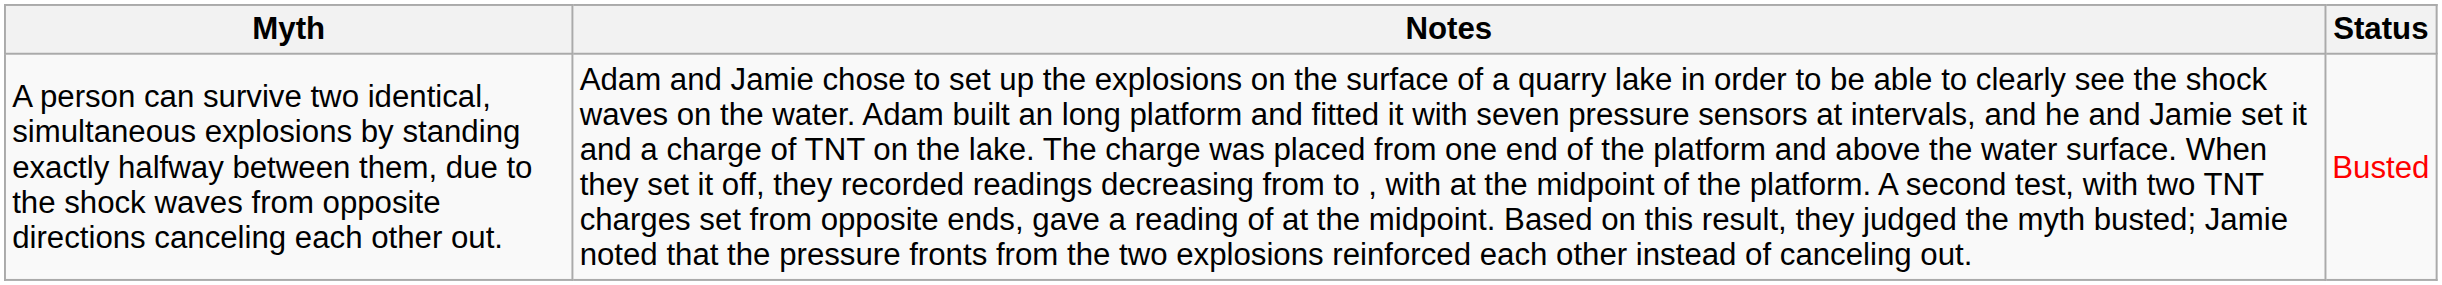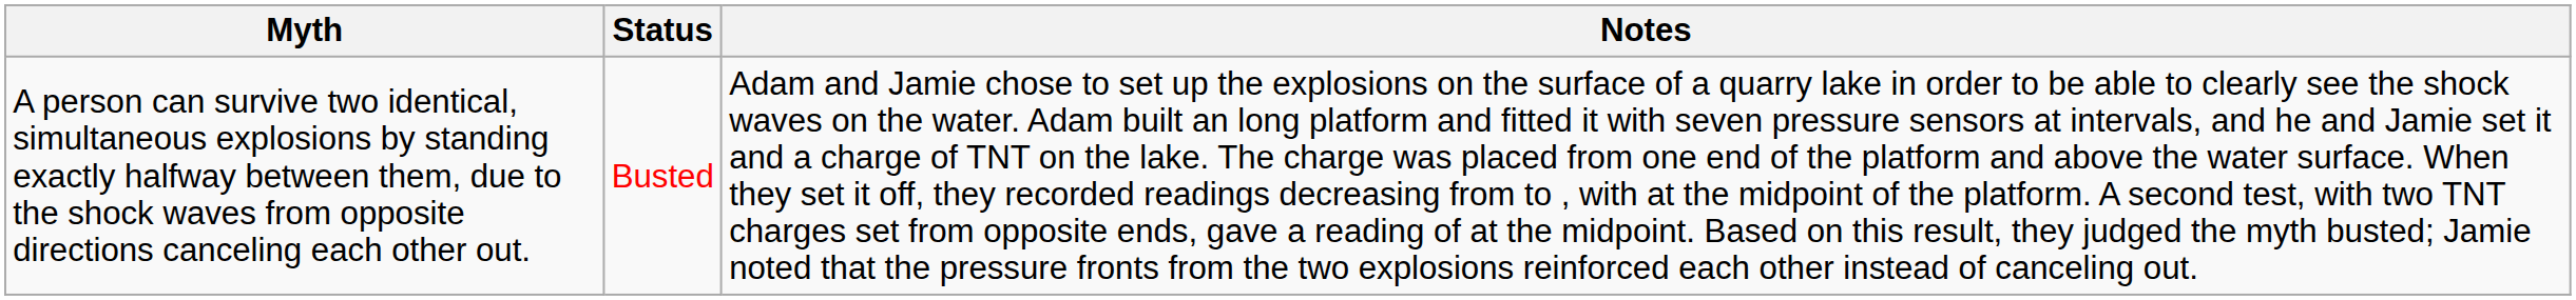 <table class="wikitable plainrowheaders">
 <tr>
 <th scope"col">Myth</th>
+<th scope"col">Status</th>
 <th scope"col">Notes</th>
-<th scope"col">Status</th>
 </tr>
 <tr>
 <td scope"row">A person can survive two identical, simultaneous explosions by standing exactly halfway between them, due to the shock waves from opposite directions canceling each other out.</td>
+<td style="color:red">Busted</td>
 <td>Adam and Jamie chose to set up the explosions on the surface of a quarry lake in order to be able to clearly see the shock waves on the water. Adam built an  long platform and fitted it with seven pressure sensors at  intervals, and he and Jamie set it and a  charge of TNT on the lake. The charge was placed  from one end of the platform and  above the water surface. When they set it off, they recorded readings decreasing from  to , with  at the midpoint of the platform. A second test, with two TNT charges set  from opposite ends, gave a reading of  at the midpoint. Based on this result, they judged the myth busted; Jamie noted that the pressure fronts from the two explosions reinforced each other instead of canceling out.</td>
-<td style="color:red">Busted</td>
 </tr>
 </table>
